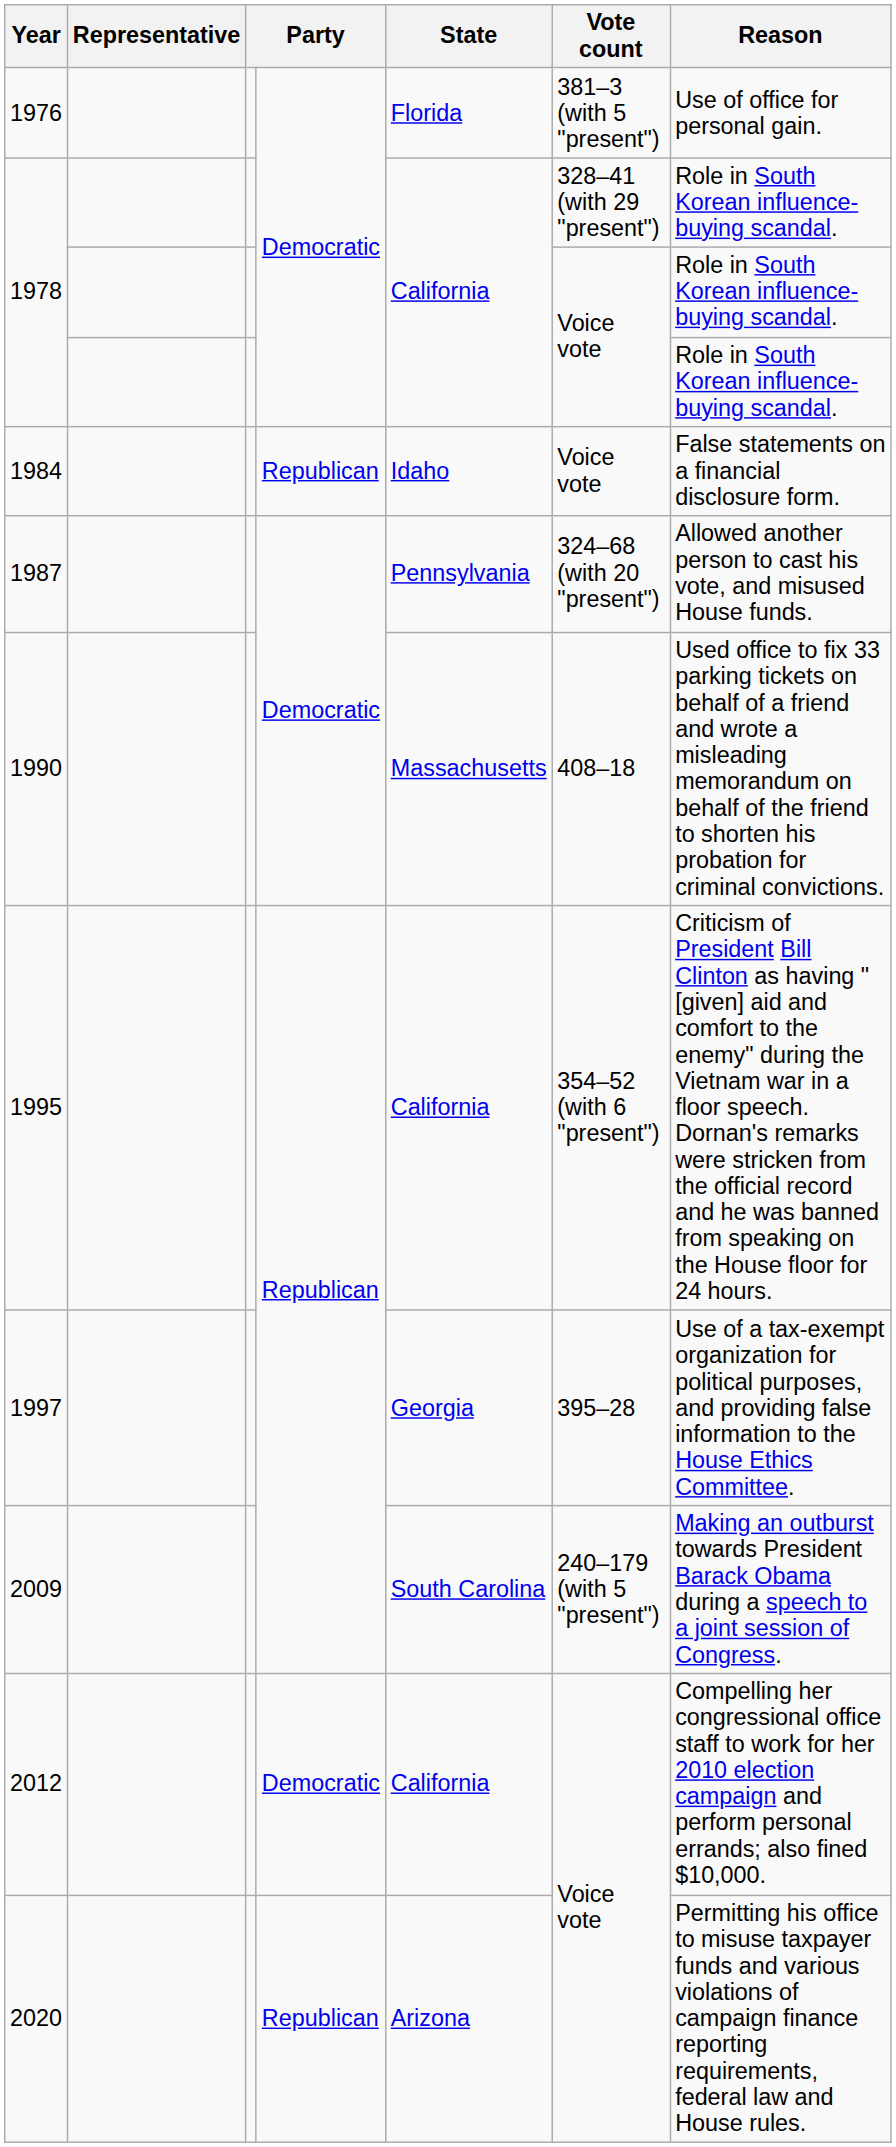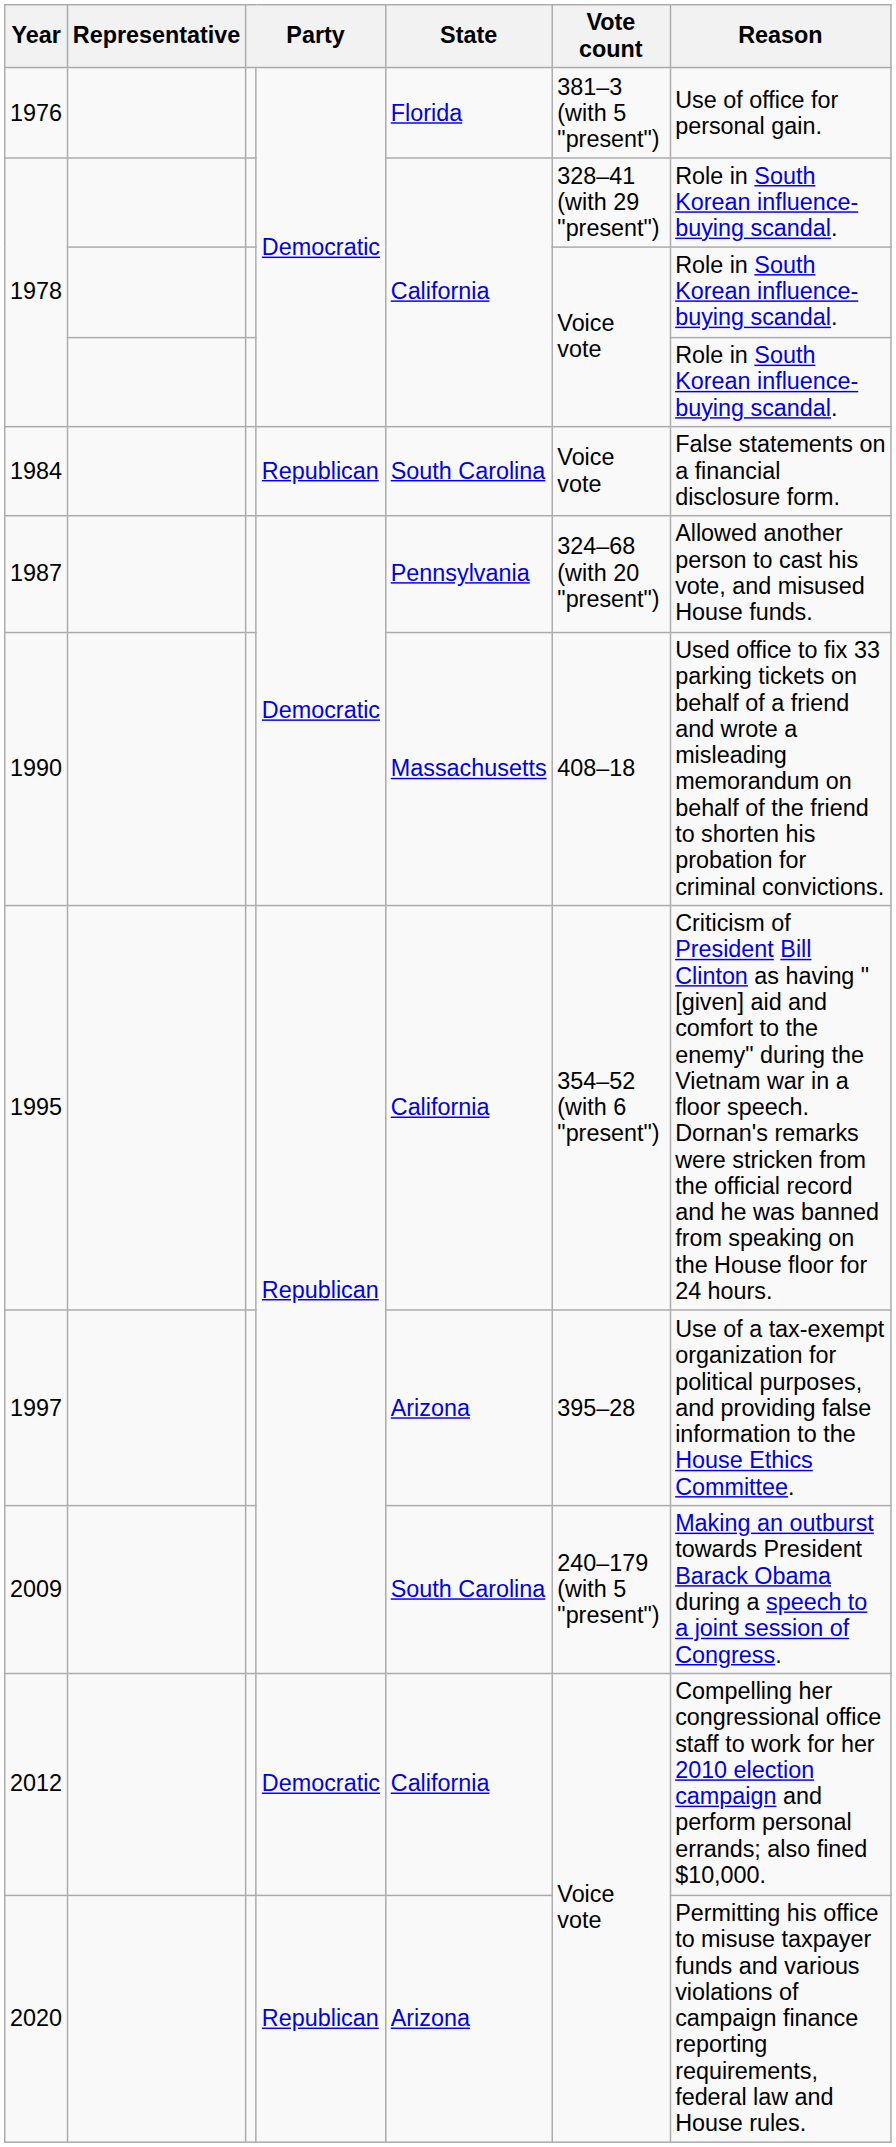 <table class="wikitable sortable">
 <tr>
 <th>Year</th>
 <th>Representative</th>
 <th colspan=2>Party</th>
 <th>State</th>
 <th>Vote count</th>
 <th class=unsortable>Reason</th>
 </tr>
 <tr>
 <td>1976</td>
 <td></td>
 <td style="background-color:"></td>
 <td rowspan="4"><a href='#'>Democratic</a></td>
 <td><a href='#'>Florida</a></td>
 <td>381–3 (with 5 "present")</td>
 <td>Use of office for personal gain.</td>
 </tr>
 <tr>
 <td rowspan="3">1978</td>
 <td></td>
 <td style="background-color:"></td>
 <td rowspan="3"><a href='#'>California</a></td>
 <td>328–41 (with 29 "present")</td>
 <td>Role in <a href='#'>South Korean influence-buying scandal</a>.</td>
 </tr>
 <tr>
 <td></td>
 <td style="background-color:"></td>
 <td rowspan="2">Voice vote</td>
 <td>Role in <a href='#'>South Korean influence-buying scandal</a>.</td>
 </tr>
 <tr>
 <td></td>
 <td style="background-color:"></td>
 <td>Role in <a href='#'>South Korean influence-buying scandal</a>.</td>
 </tr>
 <tr>
 <td>1984</td>
 <td></td>
 <td style="background-color:"></td>
 <td><a href='#'>Republican</a></td>
-<td><a href='#'>Idaho</a></td>
+<td><a href='#'>South Carolina</a></td>
 <td>Voice vote</td>
 <td>False statements on a financial disclosure form.</td>
 </tr>
 <tr>
 <td>1987</td>
 <td></td>
 <td style="background-color:"></td>
 <td rowspan="2"><a href='#'>Democratic</a></td>
 <td><a href='#'>Pennsylvania</a></td>
 <td>324–68 (with 20 "present")</td>
 <td>Allowed another person to cast his vote, and misused House funds.</td>
 </tr>
 <tr>
 <td>1990</td>
 <td></td>
 <td style="background-color:"></td>
 <td><a href='#'>Massachusetts</a></td>
 <td>408–18</td>
 <td>Used office to fix 33 parking tickets on behalf of a friend and wrote a misleading memorandum on behalf of the friend to shorten his probation for criminal convictions.</td>
 </tr>
 <tr>
 <td>1995</td>
 <td></td>
 <td style="background-color:"></td>
 <td rowspan="3"><a href='#'>Republican</a></td>
 <td><a href='#'>California</a></td>
 <td>354–52 (with 6 "present")</td>
 <td>Criticism of <a href='#'>President</a> <a href='#'>Bill Clinton</a> as having "[given] aid and comfort to the enemy" during the Vietnam war in a floor speech. Dornan's remarks were stricken from the official record and he was banned from speaking on the House floor for 24 hours.</td>
 </tr>
 <tr>
 <td>1997</td>
 <td></td>
 <td style="background-color:"></td>
-<td><a href='#'>Georgia</a></td>
+<td><a href='#'>Arizona</a></td>
 <td>395–28</td>
 <td>Use of a tax-exempt organization for political purposes, and providing false information to the <a href='#'>House Ethics Committee</a>.</td>
 </tr>
 <tr>
 <td>2009</td>
 <td></td>
 <td style="background-color:"></td>
 <td><a href='#'>South Carolina</a></td>
 <td>240–179 (with 5 "present")</td>
 <td><a href='#'>Making an outburst</a> towards President <a href='#'>Barack Obama</a> during a <a href='#'>speech to a joint session of Congress</a>.</td>
 </tr>
 <tr>
 <td>2012</td>
 <td></td>
 <td style="background-color:"></td>
 <td><a href='#'>Democratic</a></td>
 <td><a href='#'>California</a></td>
 <td rowspan="2">Voice vote</td>
 <td>Compelling her congressional office staff to work for her <a href='#'>2010 election campaign</a> and perform personal errands; also fined $10,000.</td>
 </tr>
 <tr>
 <td>2020</td>
 <td></td>
 <td style="background-color:"></td>
 <td><a href='#'>Republican</a></td>
 <td><a href='#'>Arizona</a></td>
 <td>Permitting his office to misuse taxpayer funds and various violations of campaign finance reporting requirements, federal law and House rules.</td>
 </tr>
 </table>
